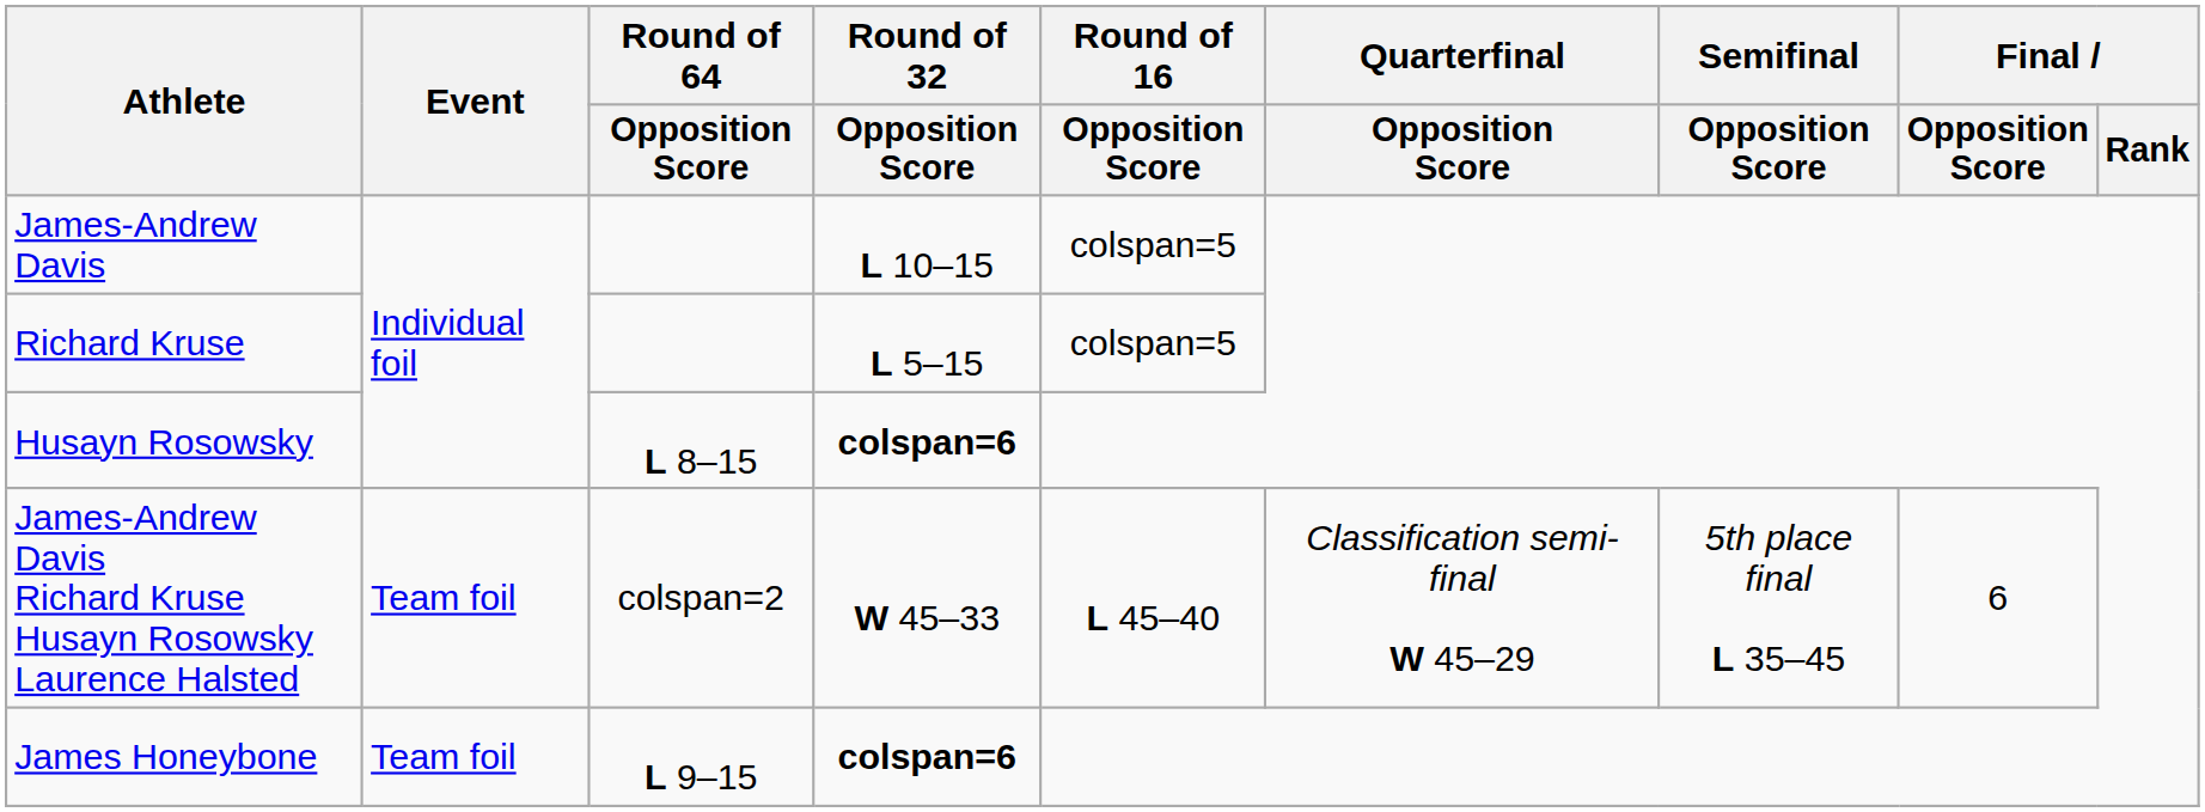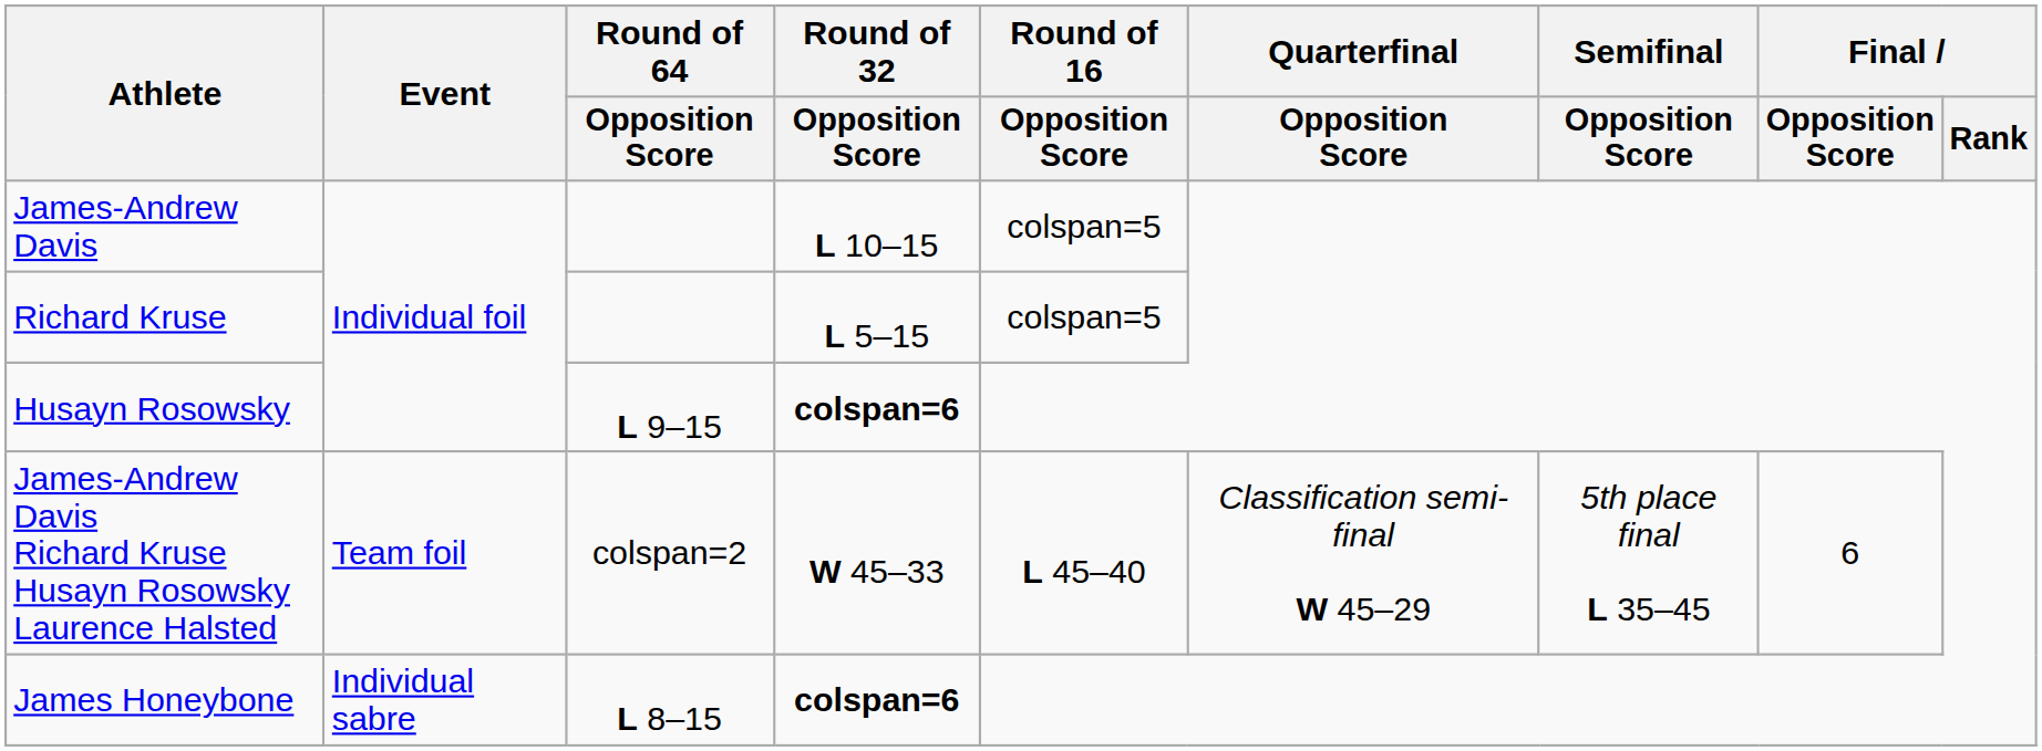 <table class="wikitable" style="text-align:center; font-size:90%">
 <tr>
 <th rowspan=2>Athlete</th>
 <th rowspan=2>Event</th>
 <th>Round of 64</th>
 <th>Round of 32</th>
 <th>Round of 16</th>
 <th>Quarterfinal</th>
 <th>Semifinal</th>
 <th colspan=2>Final / </th>
 </tr>
 <tr style="font-size:95%">
 <th>Opposition <br> Score</th>
 <th>Opposition <br> Score</th>
 <th>Opposition <br> Score</th>
 <th>Opposition <br> Score</th>
 <th>Opposition <br> Score</th>
 <th>Opposition <br> Score</th>
 <th>Rank</th>
 </tr>
 <tr>
 <td style="text-align:left;"><a href='#'>James-Andrew Davis</a></td>
 <td style="text-align:left;" rowspan="3"><a href='#'>Individual foil</a></td>
 <td></td>
 <td><br><strong>L</strong> 10–15</td>
 <td>colspan=5 </td>
 </tr>
 <tr>
 <td style="text-align:left;"><a href='#'>Richard Kruse</a></td>
 <td></td>
 <td><br><strong>L</strong> 5–15</td>
 <td>colspan=5 </td>
 </tr>
 <tr>
 <td style="text-align:left;"><a href='#'>Husayn Rosowsky</a></td>
-<td><br><strong>L</strong> 8–15</td>
+<td><br><strong>L</strong> 9–15</td>
 <td><strong>colspan=6 </strong></td>
 </tr>
 <tr>
 <td style="text-align:left;"><a href='#'>James-Andrew Davis</a><br><a href='#'>Richard Kruse</a> <br> <a href='#'>Husayn Rosowsky</a><br><a href='#'>Laurence Halsted</a></td>
 <td style="text-align:left;"><a href='#'>Team foil</a></td>
 <td>colspan=2 </td>
 <td><br><strong>W</strong> 45–33</td>
 <td><br><strong>L</strong> 45–40</td>
 <td><em>Classification semi-final</em><br><br><strong>W</strong> 45–29</td>
 <td><em>5th place final</em><br><br><strong>L</strong> 35–45</td>
 <td>6</td>
 </tr>
 <tr>
 <td style="text-align:left;"><a href='#'>James Honeybone</a></td>
-<td style="text-align:left;"><a href='#'>Team foil</a></td>
-<td><br><strong>L</strong> 9–15</td>
+<td style="text-align:left;"><a href='#'>Individual sabre</a></td>
+<td><br><strong>L</strong> 8–15</td>
 <td><strong>colspan=6 </strong></td>
 </tr>
 </table>
